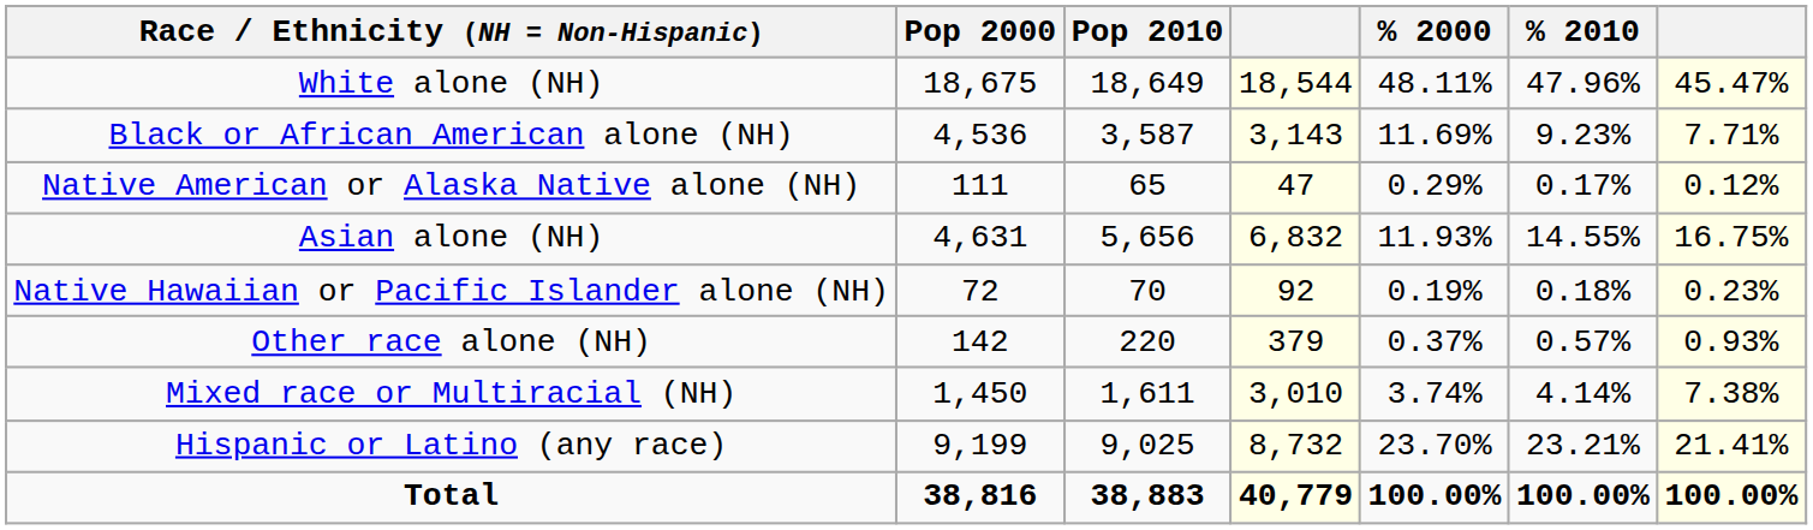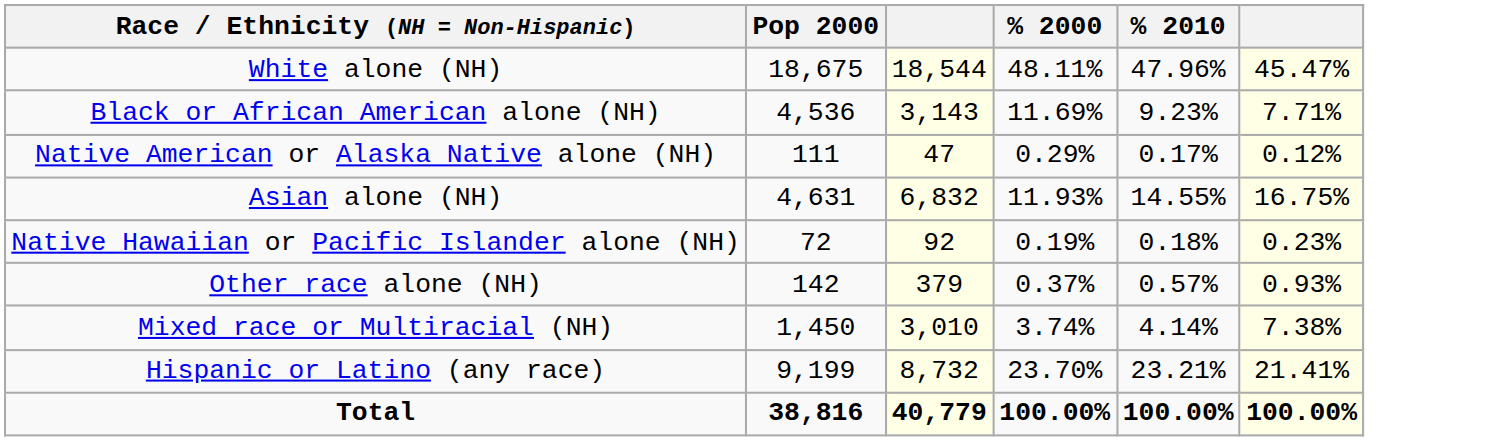 <table class="wikitable" style="text-align:center;">
 <tr>
 <th>Race / Ethnicity <small>(<em>NH = Non-Hispanic</em>)</small></th>
 <th>Pop 2000</th>
-<th>Pop 2010</th>
 <th></th>
 <th>% 2000</th>
 <th>% 2010</th>
 <th></th>
 </tr>
 <tr>
 <td><a href='#'>White</a> alone (NH)</td>
 <td>18,675</td>
-<td>18,649</td>
 <td style='background: #ffffe6;'>18,544</td>
 <td>48.11%</td>
 <td>47.96%</td>
 <td style='background: #ffffe6;'>45.47%</td>
 </tr>
 <tr>
 <td><a href='#'>Black or African American</a> alone (NH)</td>
 <td>4,536</td>
-<td>3,587</td>
 <td style='background: #ffffe6;'>3,143</td>
 <td>11.69%</td>
 <td>9.23%</td>
 <td style='background: #ffffe6;'>7.71%</td>
 </tr>
 <tr>
 <td><a href='#'>Native American</a> or <a href='#'>Alaska Native</a> alone (NH)</td>
 <td>111</td>
-<td>65</td>
 <td style='background: #ffffe6;'>47</td>
 <td>0.29%</td>
 <td>0.17%</td>
 <td style='background: #ffffe6;'>0.12%</td>
 </tr>
 <tr>
 <td><a href='#'>Asian</a> alone (NH)</td>
 <td>4,631</td>
-<td>5,656</td>
 <td style='background: #ffffe6;'>6,832</td>
 <td>11.93%</td>
 <td>14.55%</td>
 <td style='background: #ffffe6;'>16.75%</td>
 </tr>
 <tr>
 <td><a href='#'>Native Hawaiian</a> or <a href='#'>Pacific Islander</a> alone (NH)</td>
 <td>72</td>
-<td>70</td>
 <td style='background: #ffffe6;'>92</td>
 <td>0.19%</td>
 <td>0.18%</td>
 <td style='background: #ffffe6;'>0.23%</td>
 </tr>
 <tr>
 <td><a href='#'>Other race</a> alone (NH)</td>
 <td>142</td>
-<td>220</td>
 <td style='background: #ffffe6;'>379</td>
 <td>0.37%</td>
 <td>0.57%</td>
 <td style='background: #ffffe6;'>0.93%</td>
 </tr>
 <tr>
 <td><a href='#'>Mixed race or Multiracial</a> (NH)</td>
 <td>1,450</td>
-<td>1,611</td>
 <td style='background: #ffffe6;'>3,010</td>
 <td>3.74%</td>
 <td>4.14%</td>
 <td style='background: #ffffe6;'>7.38%</td>
 </tr>
 <tr>
 <td><a href='#'>Hispanic or Latino</a> (any race)</td>
 <td>9,199</td>
-<td>9,025</td>
 <td style='background: #ffffe6;'>8,732</td>
 <td>23.70%</td>
 <td>23.21%</td>
 <td style='background: #ffffe6;'>21.41%</td>
 </tr>
 <tr>
 <td><strong>Total</strong></td>
 <td><strong>38,816</strong></td>
-<td><strong>38,883</strong></td>
 <td style='background: #ffffe6;'><strong>40,779</strong></td>
 <td><strong>100.00%</strong></td>
 <td><strong>100.00%</strong></td>
 <td style='background: #ffffe6;'><strong>100.00%</strong></td>
 </tr>
 </table>
